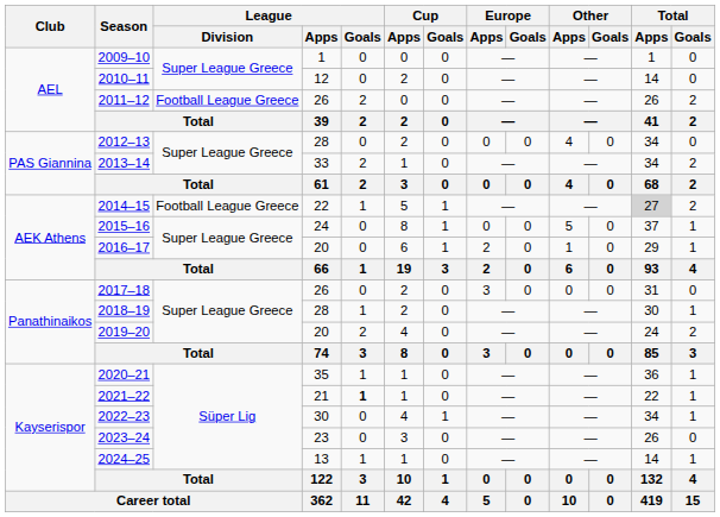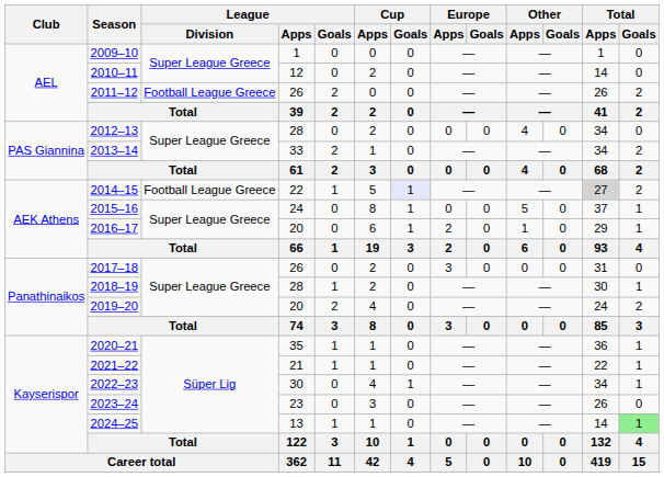 <table class="wikitable" style="text-align:center">
 <tr>
 <th rowspan="2">Club</th>
 <th rowspan="2">Season</th>
 <th colspan="3">League</th>
 <th colspan="2">Cup</th>
 <th colspan="2">Europe</th>
 <th colspan="2">Other</th>
 <th colspan="2">Total</th>
 </tr>
 <tr>
 <th>Division</th>
 <th>Apps</th>
 <th>Goals</th>
 <th>Apps</th>
 <th>Goals</th>
 <th>Apps</th>
 <th>Goals</th>
 <th>Apps</th>
 <th>Goals</th>
 <th>Apps</th>
 <th>Goals</th>
 </tr>
 <tr>
 <td rowspan="4"><a href='#'>AEL</a></td>
 <td><a href='#'>2009–10</a></td>
 <td rowspan="2"><a href='#'>Super League Greece</a></td>
 <td>1</td>
 <td>0</td>
 <td>0</td>
 <td>0</td>
 <td colspan="2">—</td>
 <td colspan="2">—</td>
 <td>1</td>
 <td>0</td>
 </tr>
 <tr>
 <td><a href='#'>2010–11</a></td>
 <td>12</td>
 <td>0</td>
 <td>2</td>
 <td>0</td>
 <td colspan="2">—</td>
 <td colspan="2">—</td>
 <td>14</td>
 <td>0</td>
 </tr>
 <tr>
 <td><a href='#'>2011–12</a></td>
 <td><a href='#'>Football League Greece</a></td>
 <td>26</td>
 <td>2</td>
 <td>0</td>
 <td>0</td>
 <td colspan="2">—</td>
 <td colspan="2">—</td>
 <td>26</td>
 <td>2</td>
 </tr>
 <tr>
 <th colspan="2">Total</th>
 <th>39</th>
 <th>2</th>
 <th>2</th>
 <th>0</th>
 <th colspan="2">—</th>
 <th colspan="2">—</th>
 <th>41</th>
 <th>2</th>
 </tr>
 <tr>
 <td rowspan="3"><a href='#'>PAS Giannina</a></td>
 <td><a href='#'>2012–13</a></td>
 <td rowspan="2">Super League Greece</td>
 <td>28</td>
 <td>0</td>
 <td>2</td>
 <td>0</td>
 <td>0</td>
 <td>0</td>
 <td>4</td>
 <td>0</td>
 <td>34</td>
 <td>0</td>
 </tr>
 <tr>
 <td><a href='#'>2013–14</a></td>
 <td>33</td>
 <td>2</td>
 <td>1</td>
 <td>0</td>
 <td colspan="2">—</td>
 <td colspan="2">—</td>
 <td>34</td>
 <td>2</td>
 </tr>
 <tr>
 <th colspan="2">Total</th>
 <th>61</th>
 <th>2</th>
 <th>3</th>
 <th>0</th>
 <th>0</th>
 <th>0</th>
 <th>4</th>
 <th>0</th>
 <th>68</th>
 <th>2</th>
 </tr>
 <tr>
 <td rowspan="4"><a href='#'>AEK Athens</a></td>
 <td><a href='#'>2014–15</a></td>
 <td>Football League Greece</td>
 <td>22</td>
 <td>1</td>
 <td>5</td>
-<td>1</td>
+<td style="background: lavender;">1</td>
 <td colspan="2">—</td>
 <td colspan="2">—</td>
 <td style="background: lightgrey;">27</td>
 <td>2</td>
 </tr>
 <tr>
 <td><a href='#'>2015–16</a></td>
 <td rowspan="2">Super League Greece</td>
 <td>24</td>
 <td>0</td>
 <td>8</td>
 <td>1</td>
 <td>0</td>
 <td>0</td>
 <td>5</td>
 <td>0</td>
 <td>37</td>
 <td>1</td>
 </tr>
 <tr>
 <td><a href='#'>2016–17</a></td>
 <td>20</td>
 <td>0</td>
 <td>6</td>
 <td>1</td>
 <td>2</td>
 <td>0</td>
 <td>1</td>
 <td>0</td>
 <td>29</td>
 <td>1</td>
 </tr>
 <tr>
 <th colspan="2">Total</th>
 <th>66</th>
 <th>1</th>
 <th>19</th>
 <th>3</th>
 <th>2</th>
 <th>0</th>
 <th>6</th>
 <th>0</th>
 <th>93</th>
 <th>4</th>
 </tr>
 <tr>
 <td rowspan="4"><a href='#'>Panathinaikos</a></td>
 <td><a href='#'>2017–18</a></td>
 <td rowspan="3">Super League Greece</td>
 <td>26</td>
 <td>0</td>
 <td>2</td>
 <td>0</td>
 <td>3</td>
 <td>0</td>
 <td>0</td>
 <td>0</td>
 <td>31</td>
 <td>0</td>
 </tr>
 <tr>
 <td><a href='#'>2018–19</a></td>
 <td>28</td>
 <td>1</td>
 <td>2</td>
 <td>0</td>
 <td colspan="2">—</td>
 <td colspan="2">—</td>
 <td>30</td>
 <td>1</td>
 </tr>
 <tr>
 <td><a href='#'>2019–20</a></td>
 <td>20</td>
 <td>2</td>
 <td>4</td>
 <td>0</td>
 <td colspan="2">—</td>
 <td colspan="2">—</td>
 <td>24</td>
 <td>2</td>
 </tr>
 <tr>
 <th colspan="2">Total</th>
 <th>74</th>
 <th>3</th>
 <th>8</th>
 <th>0</th>
 <th>3</th>
 <th>0</th>
 <th>0</th>
 <th>0</th>
 <th>85</th>
 <th>3</th>
 </tr>
 <tr>
 <td rowspan="6"><a href='#'>Kayserispor</a></td>
 <td><a href='#'>2020–21</a></td>
 <td rowspan="5"><a href='#'>Süper Lig</a></td>
 <td>35</td>
 <td>1</td>
 <td>1</td>
 <td>0</td>
 <td colspan="2">—</td>
 <td colspan="2">—</td>
 <td>36</td>
 <td>1</td>
 </tr>
 <tr>
 <td><a href='#'>2021–22</a></td>
 <td>21</td>
-<td><strong>1</strong></td>
+<td>1</td>
 <td>1</td>
 <td>0</td>
 <td colspan="2">—</td>
 <td colspan="2">—</td>
 <td>22</td>
 <td>1</td>
 </tr>
 <tr>
 <td><a href='#'>2022–23</a></td>
 <td>30</td>
 <td>0</td>
 <td>4</td>
 <td>1</td>
 <td colspan="2">—</td>
 <td colspan="2">—</td>
 <td>34</td>
 <td>1</td>
 </tr>
 <tr>
 <td><a href='#'>2023–24</a></td>
 <td>23</td>
 <td>0</td>
 <td>3</td>
 <td>0</td>
 <td colspan="2">—</td>
 <td colspan="2">—</td>
 <td>26</td>
 <td>0</td>
 </tr>
 <tr>
 <td><a href='#'>2024–25</a></td>
 <td>13</td>
 <td>1</td>
 <td>1</td>
 <td>0</td>
 <td colspan="2">—</td>
 <td colspan="2">—</td>
 <td>14</td>
-<td>1</td>
+<td style="background: lightgreen;">1</td>
 </tr>
 <tr>
 <th colspan="2">Total</th>
 <th>122</th>
 <th>3</th>
 <th>10</th>
 <th>1</th>
 <th>0</th>
 <th>0</th>
 <th>0</th>
 <th>0</th>
 <th>132</th>
 <th>4</th>
 </tr>
 <tr>
 <th colspan="3">Career total</th>
 <th>362</th>
 <th>11</th>
 <th>42</th>
 <th>4</th>
 <th>5</th>
 <th>0</th>
 <th>10</th>
 <th>0</th>
 <th>419</th>
 <th>15</th>
 </tr>
 </table>
